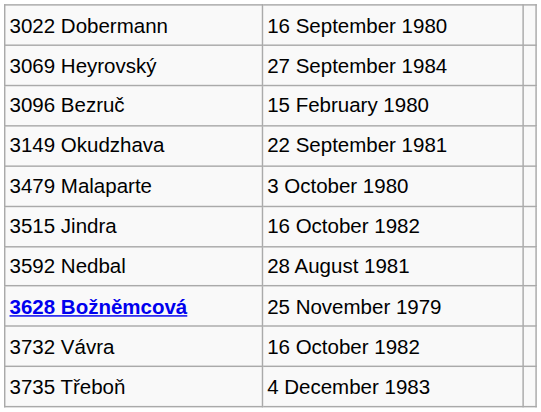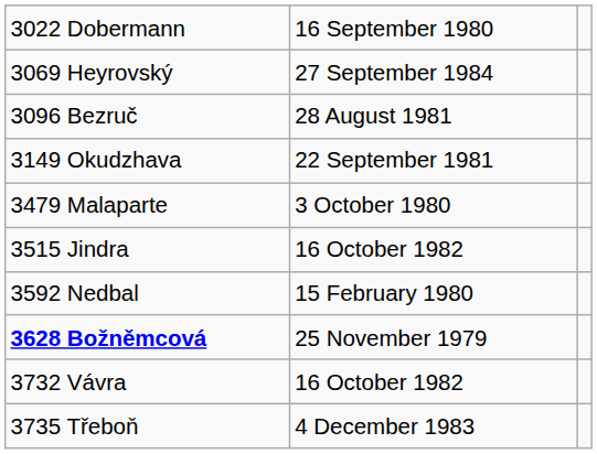 <table class="wikitable" style="font-size: 89%; float: left; width: 26em; margin-right: 1em; height: 280px;">
 <tr>
 <td>3022 Dobermann</td>
 <td>16 September 1980</td>
 <td></td>
 </tr>
 <tr>
 <td>3069 Heyrovský</td>
 <td>27 September 1984</td>
 <td></td>
 </tr>
 <tr>
 <td>3096 Bezruč</td>
-<td>15 February 1980</td>
+<td>28 August 1981</td>
 <td></td>
 </tr>
 <tr>
 <td>3149 Okudzhava</td>
 <td>22 September 1981</td>
 <td></td>
 </tr>
 <tr>
 <td>3479 Malaparte</td>
 <td>3 October 1980</td>
 <td></td>
 </tr>
 <tr>
 <td>3515 Jindra</td>
 <td>16 October 1982</td>
 <td></td>
 </tr>
 <tr>
 <td>3592 Nedbal</td>
-<td>28 August 1981</td>
+<td>15 February 1980</td>
 <td></td>
 </tr>
 <tr>
 <td><strong><a href='#'>3628 Božněmcová</a></strong></td>
 <td>25 November 1979</td>
 <td></td>
 </tr>
 <tr>
 <td>3732 Vávra</td>
 <td>16 October 1982</td>
 <td></td>
 </tr>
 <tr>
 <td>3735 Třeboň</td>
 <td>4 December 1983</td>
 <td></td>
 </tr>
 </table>
